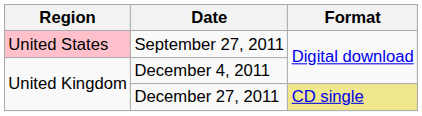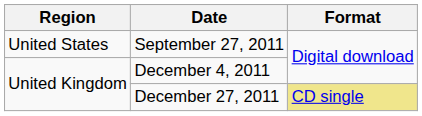 <table class=wikitable>
 <tr>
 <th>Region</th>
 <th>Date</th>
 <th>Format</th>
 </tr>
 <tr>
-<td style="background: pink;">United States</td>
+<td>United States</td>
 <td>September 27, 2011</td>
 <td rowspan="2"><a href='#'>Digital download</a></td>
 </tr>
 <tr>
 <td rowspan="2">United Kingdom</td>
 <td>December 4, 2011</td>
 </tr>
 <tr>
 <td>December 27, 2011</td>
 <td style="background: khaki;"><a href='#'>CD single</a></td>
 </tr>
 </table>
